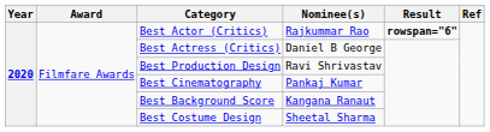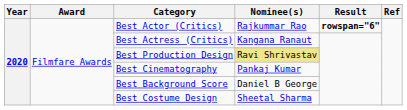 <table class="wikitable plainrowheaders sortable">
 <tr>
 <th scope="col">Year</th>
 <th scope="col">Award</th>
 <th scope="col">Category</th>
 <th scope="col">Nominee(s)</th>
 <th scope="col">Result</th>
 <th scope="col">Ref</th>
 </tr>
 <tr>
 <th rowspan="6"><a href='#'>2020</a></th>
 <td rowspan="6"><a href='#'>Filmfare Awards</a></td>
 <td><a href='#'>Best Actor (Critics)</a></td>
 <td><a href='#'>Rajkummar Rao</a></td>
 <td><strong>rowspan="6"</strong></td>
 <td rowspan="6"></td>
 </tr>
 <tr>
 <td><a href='#'>Best Actress (Critics)</a></td>
-<td>Daniel B George</td>
+<td><a href='#'>Kangana Ranaut</a></td>
 </tr>
 <tr>
 <td><a href='#'>Best Production Design</a></td>
-<td>Ravi Shrivastav</td>
+<td style="background: khaki;">Ravi Shrivastav</td>
 </tr>
 <tr>
 <td><a href='#'>Best Cinematography</a></td>
 <td><a href='#'>Pankaj Kumar</a></td>
 </tr>
 <tr>
 <td><a href='#'>Best Background Score</a></td>
-<td><a href='#'>Kangana Ranaut</a></td>
+<td>Daniel B George</td>
 </tr>
 <tr>
 <td><a href='#'>Best Costume Design</a></td>
 <td><a href='#'>Sheetal Sharma</a></td>
 </tr>
 </table>
